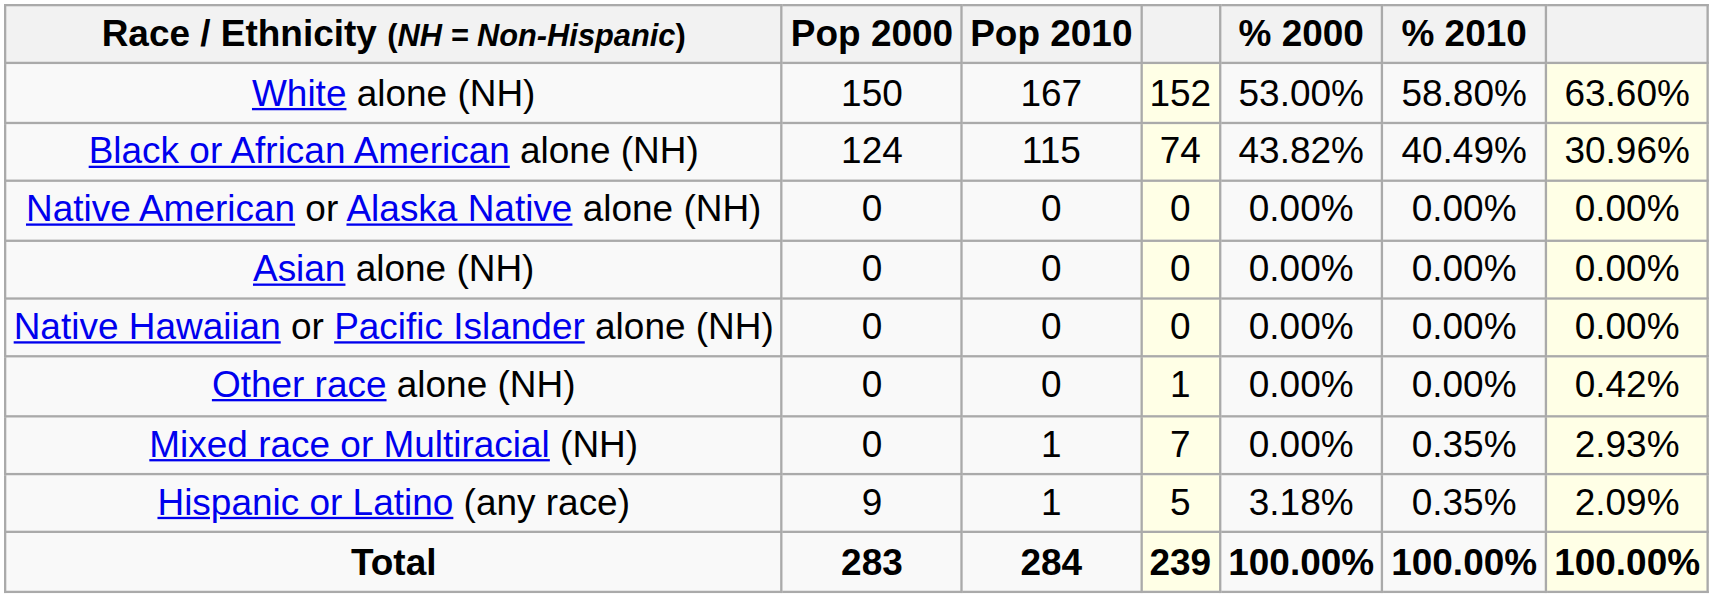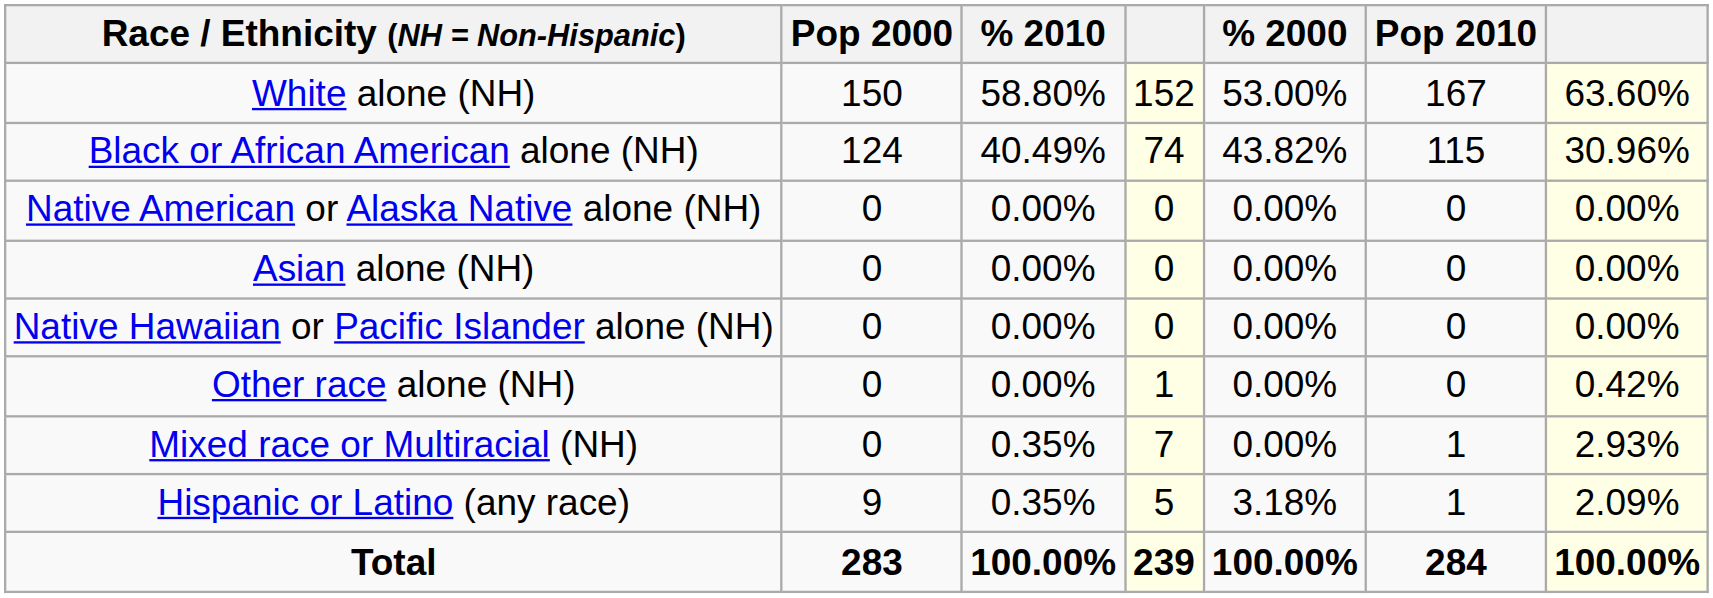 <table class="wikitable" style="text-align:center;">
 <tr>
 <th>Race / Ethnicity <small>(<em>NH = Non-Hispanic</em>)</small></th>
 <th>Pop 2000</th>
-<th>Pop 2010</th>
+<th>% 2010</th>
 <th></th>
 <th>% 2000</th>
-<th>% 2010</th>
+<th>Pop 2010</th>
 <th></th>
 </tr>
 <tr>
 <td><a href='#'>White</a> alone (NH)</td>
 <td>150</td>
-<td>167</td>
+<td>58.80%</td>
 <td style='background: #ffffe6;'>152</td>
 <td>53.00%</td>
-<td>58.80%</td>
+<td>167</td>
 <td style='background: #ffffe6;'>63.60%</td>
 </tr>
 <tr>
 <td><a href='#'>Black or African American</a> alone (NH)</td>
 <td>124</td>
-<td>115</td>
+<td>40.49%</td>
 <td style='background: #ffffe6;'>74</td>
 <td>43.82%</td>
-<td>40.49%</td>
+<td>115</td>
 <td style='background: #ffffe6;'>30.96%</td>
 </tr>
 <tr>
 <td><a href='#'>Native American</a> or <a href='#'>Alaska Native</a> alone (NH)</td>
 <td>0</td>
-<td>0</td>
+<td>0.00%</td>
 <td style='background: #ffffe6;'>0</td>
 <td>0.00%</td>
-<td>0.00%</td>
+<td>0</td>
 <td style='background: #ffffe6;'>0.00%</td>
 </tr>
 <tr>
 <td><a href='#'>Asian</a> alone (NH)</td>
 <td>0</td>
-<td>0</td>
+<td>0.00%</td>
 <td style='background: #ffffe6;'>0</td>
 <td>0.00%</td>
-<td>0.00%</td>
+<td>0</td>
 <td style='background: #ffffe6;'>0.00%</td>
 </tr>
 <tr>
 <td><a href='#'>Native Hawaiian</a> or <a href='#'>Pacific Islander</a> alone (NH)</td>
 <td>0</td>
-<td>0</td>
+<td>0.00%</td>
 <td style='background: #ffffe6;'>0</td>
 <td>0.00%</td>
-<td>0.00%</td>
+<td>0</td>
 <td style='background: #ffffe6;'>0.00%</td>
 </tr>
 <tr>
 <td><a href='#'>Other race</a> alone (NH)</td>
 <td>0</td>
-<td>0</td>
+<td>0.00%</td>
 <td style='background: #ffffe6;'>1</td>
 <td>0.00%</td>
-<td>0.00%</td>
+<td>0</td>
 <td style='background: #ffffe6;'>0.42%</td>
 </tr>
 <tr>
 <td><a href='#'>Mixed race or Multiracial</a> (NH)</td>
 <td>0</td>
-<td>1</td>
+<td>0.35%</td>
 <td style='background: #ffffe6;'>7</td>
 <td>0.00%</td>
-<td>0.35%</td>
+<td>1</td>
 <td style='background: #ffffe6;'>2.93%</td>
 </tr>
 <tr>
 <td><a href='#'>Hispanic or Latino</a> (any race)</td>
 <td>9</td>
-<td>1</td>
+<td>0.35%</td>
 <td style='background: #ffffe6;'>5</td>
 <td>3.18%</td>
-<td>0.35%</td>
+<td>1</td>
 <td style='background: #ffffe6;'>2.09%</td>
 </tr>
 <tr>
 <td><strong>Total</strong></td>
 <td><strong>283</strong></td>
-<td><strong>284</strong></td>
+<td><strong>100.00%</strong></td>
 <td style='background: #ffffe6;'><strong>239</strong></td>
 <td><strong>100.00%</strong></td>
-<td><strong>100.00%</strong></td>
+<td><strong>284</strong></td>
 <td style='background: #ffffe6;'><strong>100.00%</strong></td>
 </tr>
 </table>
